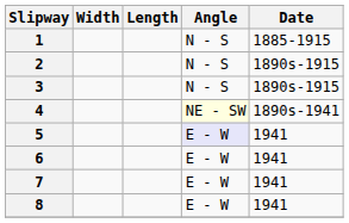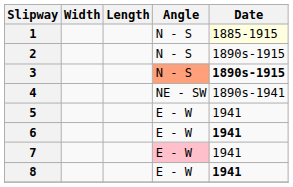 <table class="wikitable">
 <tr>
 <th style="text-align: center;">Slipway</th>
 <th>Width</th>
 <th>Length</th>
 <th>Angle</th>
 <th>Date</th>
 </tr>
 <tr>
 <th style="text-align: center;">1</th>
 <td></td>
 <td></td>
 <td>N - S</td>
-<td>1885-1915</td>
+<td style="background: lightyellow;">1885-1915</td>
 </tr>
 <tr>
 <th style="text-align: center;">2</th>
 <td></td>
 <td></td>
 <td>N - S</td>
 <td>1890s-1915</td>
 </tr>
 <tr>
 <th style="text-align: center;">3</th>
 <td></td>
 <td></td>
-<td>N - S</td>
-<td>1890s-1915</td>
+<td style="background: lightsalmon;">N - S</td>
+<td><strong>1890s-1915</strong></td>
 </tr>
 <tr>
 <th style="text-align: center;">4</th>
 <td></td>
 <td></td>
-<td style="background: lightyellow;">NE - SW</td>
+<td>NE - SW</td>
 <td>1890s-1941</td>
 </tr>
 <tr>
 <th style="text-align: center;">5</th>
 <td></td>
 <td></td>
-<td style="background: lavender;">E - W</td>
+<td>E - W</td>
 <td>1941</td>
 </tr>
 <tr>
 <th style="text-align: center;">6</th>
 <td></td>
 <td></td>
 <td>E - W</td>
-<td>1941</td>
+<td><strong>1941</strong></td>
 </tr>
 <tr>
 <th style="text-align: center;">7</th>
 <td></td>
 <td></td>
-<td>E - W</td>
+<td style="background: pink;">E - W</td>
 <td>1941</td>
 </tr>
 <tr>
 <th style="text-align: center;">8</th>
 <td></td>
 <td></td>
 <td>E - W</td>
-<td>1941</td>
+<td><strong>1941</strong></td>
 </tr>
 <tr>
 </tr>
 </table>
